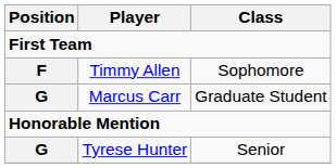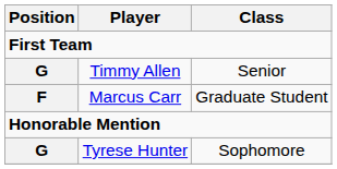 <table class="wikitable">
 <tr>
 <th>Position</th>
 <th>Player</th>
 <th>Class</th>
 </tr>
 <tr>
 <td colspan="4"><strong>First Team</strong></td>
 </tr>
 <tr style="text-align:center;">
-<th rowspan="1">F</th>
+<th rowspan="1">G</th>
 <td><a href='#'>Timmy Allen</a></td>
-<td>Sophomore</td>
+<td>Senior</td>
 </tr>
 <tr style="text-align:center;">
-<th rowspan="1">G</th>
+<th rowspan="1">F</th>
 <td><a href='#'>Marcus Carr</a></td>
 <td>Graduate Student</td>
 </tr>
 <tr>
 <td colspan="4"><strong>Honorable Mention</strong></td>
 </tr>
 <tr style="text-align:center;">
 <th rowspan="1">G</th>
 <td><a href='#'>Tyrese Hunter</a></td>
-<td>Senior</td>
+<td>Sophomore</td>
 </tr>
 <tr>
 </tr>
 </table>
